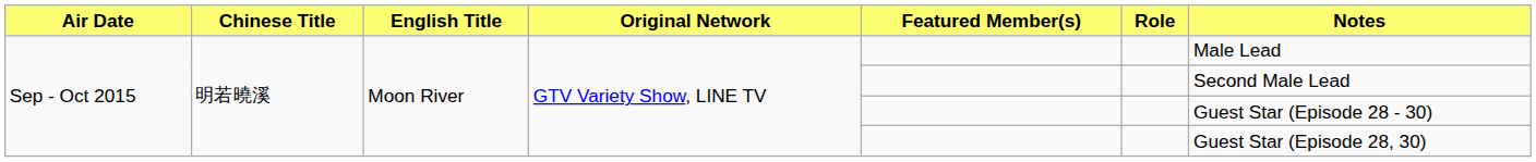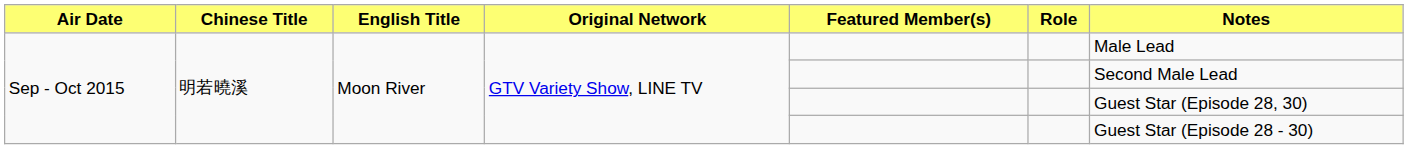 <table class="wikitable" style="font-size:14px" text-align="center" width="90%">
 <tr>
 <th style="background: #FDFF73"><strong>Air Date</strong></th>
 <th style="background: #FDFF73"><strong>Chinese Title</strong></th>
 <th style="background: #FDFF73"><strong>English Title</strong></th>
 <th style="background: #FDFF73"><strong>Original Network</strong></th>
 <th style="background: #FDFF73"><strong>Featured Member(s)</strong></th>
 <th style="background: #FDFF73"><strong>Role</strong></th>
 <th style="background: #FDFF73"><strong>Notes</strong></th>
 </tr>
 <tr>
 <td rowspan="4">Sep - Oct 2015</td>
 <td rowspan="4">明若曉溪</td>
 <td rowspan="4">Moon River</td>
 <td rowspan="4"><a href='#'>GTV Variety Show</a>, LINE TV</td>
 <td></td>
 <td></td>
 <td>Male Lead</td>
 </tr>
 <tr>
 <td></td>
 <td></td>
 <td>Second Male Lead</td>
 </tr>
 <tr>
 <td></td>
 <td></td>
-<td>Guest Star (Episode 28 - 30)</td>
+<td>Guest Star (Episode 28, 30)</td>
 </tr>
 <tr>
 <td></td>
 <td></td>
-<td>Guest Star (Episode 28, 30)</td>
+<td>Guest Star (Episode 28 - 30)</td>
 </tr>
 </table>
